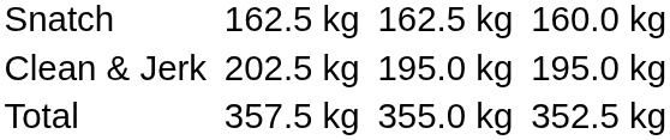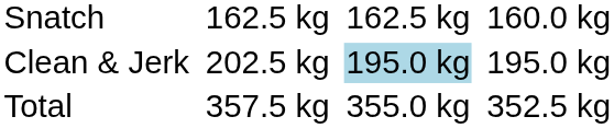 <table>
 <tr>
 <td>Snatch</td>
 <td></td>
 <td>162.5 kg</td>
 <td></td>
 <td>162.5 kg</td>
 <td></td>
 <td>160.0 kg</td>
 </tr>
 <tr>
 <td>Clean & Jerk</td>
 <td></td>
 <td>202.5 kg</td>
 <td></td>
-<td>195.0 kg</td>
+<td style="background: lightblue;">195.0 kg</td>
 <td></td>
 <td>195.0 kg</td>
 </tr>
 <tr>
 <td>Total</td>
 <td></td>
 <td>357.5 kg</td>
 <td></td>
 <td>355.0 kg</td>
 <td></td>
 <td>352.5 kg</td>
 </tr>
 </table>
